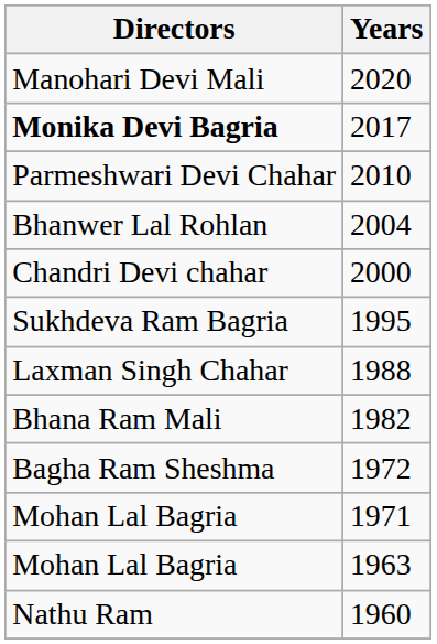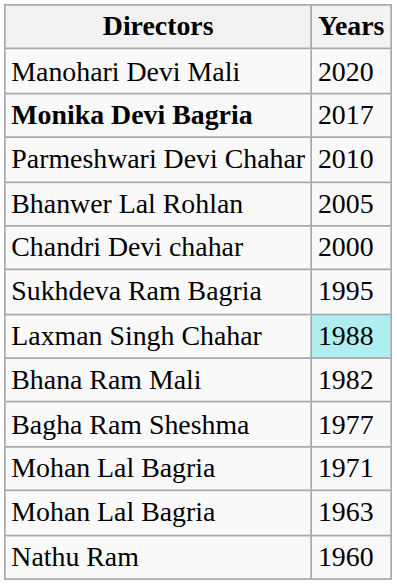 <table class="wikitable">
 <tr>
 <th>Directors</th>
 <th>Years</th>
 </tr>
 <tr>
 <td>Manohari Devi Mali</td>
 <td>2020</td>
 </tr>
 <tr>
 <td><strong>Monika Devi Bagria</strong></td>
 <td>2017</td>
 </tr>
 <tr>
 <td>Parmeshwari Devi Chahar</td>
 <td>2010</td>
 </tr>
 <tr>
 <td>Bhanwer Lal Rohlan</td>
-<td>2004</td>
+<td>2005</td>
 </tr>
 <tr>
 <td>Chandri Devi chahar</td>
 <td>2000</td>
 </tr>
 <tr>
 <td>Sukhdeva Ram Bagria</td>
 <td>1995</td>
 </tr>
 <tr>
 <td>Laxman Singh Chahar</td>
-<td>1988</td>
+<td style="background: paleturquoise;">1988</td>
 </tr>
 <tr>
 <td>Bhana Ram Mali</td>
 <td>1982</td>
 </tr>
 <tr>
 <td>Bagha Ram Sheshma</td>
-<td>1972</td>
+<td>1977</td>
 </tr>
 <tr>
 <td>Mohan Lal Bagria</td>
 <td>1971</td>
 </tr>
 <tr>
 <td>Mohan Lal Bagria</td>
 <td>1963</td>
 </tr>
 <tr>
 <td>Nathu Ram</td>
 <td>1960</td>
 </tr>
 </table>
